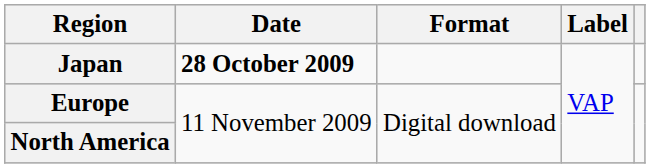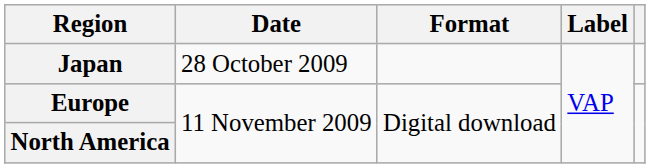 <table class="wikitable plainrowheaders">
 <tr>
 <th scope="col">Region</th>
 <th scope="col">Date</th>
 <th scope="col">Format</th>
 <th scope="col">Label</th>
 <th scope="col"></th>
 </tr>
 <tr>
 <th scope="row">Japan</th>
-<td><strong>28 October 2009</strong></td>
+<td>28 October 2009</td>
 <td></td>
 <td rowspan="3"><a href='#'>VAP</a></td>
 <td></td>
 </tr>
 <tr>
 <th scope="row">Europe</th>
 <td rowspan="2">11 November 2009</td>
 <td rowspan="2">Digital download</td>
 <td rowspan="2"></td>
 </tr>
 <tr>
 <th scope="row">North America</th>
 </tr>
 </table>
